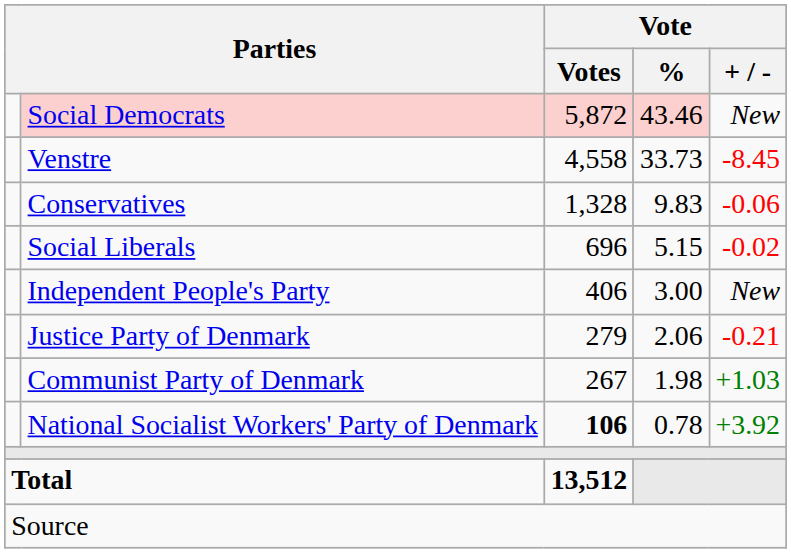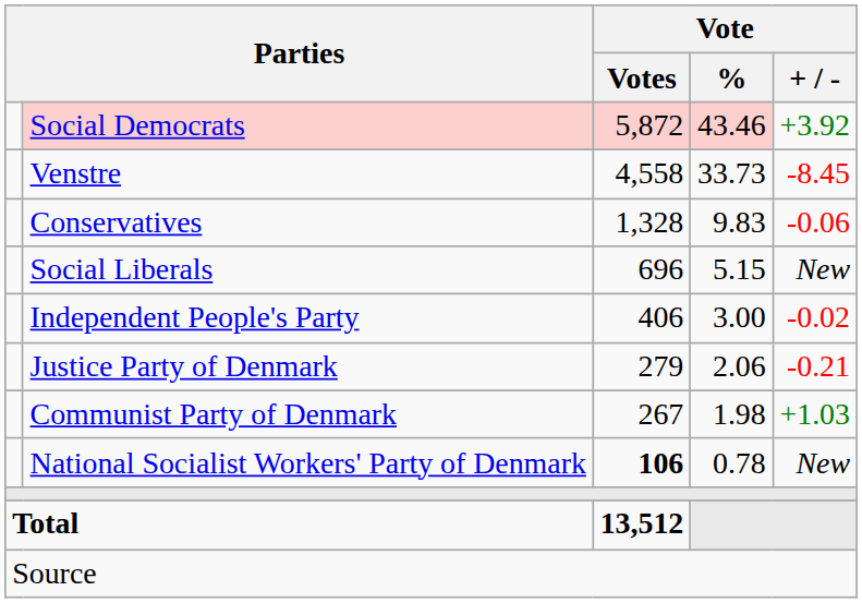 <table class="wikitable" style="text-align:right;">
 <tr>
 <th style="text-align:centre;" rowspan="2" colspan="2" width="225">Parties</th>
 <th colspan="3">Vote</th>
 </tr>
 <tr>
 <th width="15">Votes</th>
 <th width="15">%</th>
 <th width="15">+ / -</th>
 </tr>
 <tr>
 <td width="2" style="color:inherit;background:"></td>
 <td bgcolor=#fbd0ce  align="left"><a href='#'>Social Democrats</a></td>
 <td bgcolor=#fbd0ce>5,872</td>
 <td bgcolor=#fbd0ce>43.46</td>
-<td><em>New</em></td>
+<td style=color:green;>+3.92</td>
 </tr>
 <tr>
 <td width="2" style="color:inherit;background:"></td>
 <td align="left"><a href='#'>Venstre</a></td>
 <td>4,558</td>
 <td>33.73</td>
 <td style=color:red;>-8.45</td>
 </tr>
 <tr>
 <td width="2" style="color:inherit;background:"></td>
 <td align="left"><a href='#'>Conservatives</a></td>
 <td>1,328</td>
 <td>9.83</td>
 <td style=color:red;>-0.06</td>
 </tr>
 <tr>
 <td width="2" style="color:inherit;background:"></td>
 <td align="left"><a href='#'>Social Liberals</a></td>
 <td>696</td>
 <td>5.15</td>
-<td style=color:red;>-0.02</td>
+<td><em>New</em></td>
 </tr>
 <tr>
 <td width="2" style="color:inherit;background:"></td>
 <td align="left"><a href='#'>Independent People's Party</a></td>
 <td>406</td>
 <td>3.00</td>
-<td><em>New</em></td>
+<td style=color:red;>-0.02</td>
 </tr>
 <tr>
 <td width="2" style="color:inherit;background:"></td>
 <td align="left"><a href='#'>Justice Party of Denmark</a></td>
 <td>279</td>
 <td>2.06</td>
 <td style=color:red;>-0.21</td>
 </tr>
 <tr>
 <td width="2" style="color:inherit;background:"></td>
 <td align="left"><a href='#'>Communist Party of Denmark</a></td>
 <td>267</td>
 <td>1.98</td>
 <td style=color:green;>+1.03</td>
 </tr>
 <tr>
 <td width="2" style="color:inherit;background:"></td>
 <td align="left"><a href='#'>National Socialist Workers' Party of Denmark</a></td>
 <td><strong>106</strong></td>
 <td>0.78</td>
-<td style=color:green;>+3.92</td>
+<td><em>New</em></td>
 </tr>
 <tr>
 <td colspan="7" bgcolor="#E9E9E9"></td>
 </tr>
 <tr>
 <td align="left" colspan="2"><strong>Total</strong></td>
 <td><strong>13,512</strong></td>
 <td bgcolor="#E9E9E9" colspan="2"></td>
 </tr>
 <tr>
 <td align="left" colspan="6">Source</td>
 </tr>
 </table>
